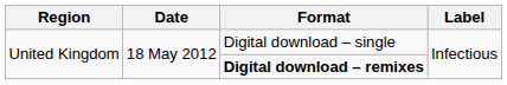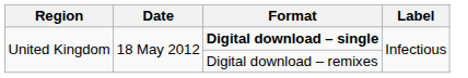 <table class=wikitable>
 <tr>
 <th scope="col">Region</th>
 <th scope="col">Date</th>
 <th scope="col">Format</th>
 <th scope="col">Label</th>
 </tr>
 <tr>
 <td rowspan="2">United Kingdom</td>
 <td rowspan="2">18 May 2012</td>
-<td>Digital download – single</td>
+<td><strong>Digital download – single</strong></td>
 <td rowspan="2">Infectious</td>
 </tr>
 <tr>
-<td><strong>Digital download – remixes</strong></td>
+<td>Digital download – remixes</td>
 </tr>
 </table>
